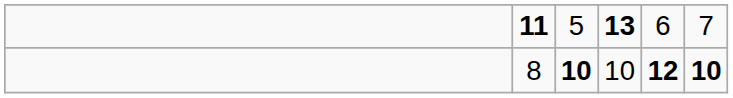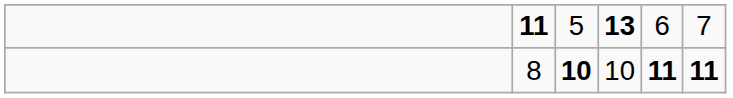 <table class="wikitable">
 <tr>
 <td style="width:18em"></td>
 <td align=center style="width:1em"><strong>11</strong></td>
 <td align=center style="width:1em">5</td>
 <td align=center style="width:1em"><strong>13</strong></td>
 <td align=center style="width:1em">6</td>
 <td align=center style="width:1em">7</td>
 </tr>
 <tr>
 <td style="width:18em"><strong></strong></td>
 <td align=center style="width:1em">8</td>
 <td align=center style="width:1em"><strong>10</strong></td>
 <td align=center style="width:1em">10</td>
-<td align=center style="width:1em"><strong>12</strong></td>
-<td align=center style="width:1em"><strong>10</strong></td>
+<td align=center style="width:1em"><strong>11</strong></td>
+<td align=center style="width:1em"><strong>11</strong></td>
 </tr>
 </table>
